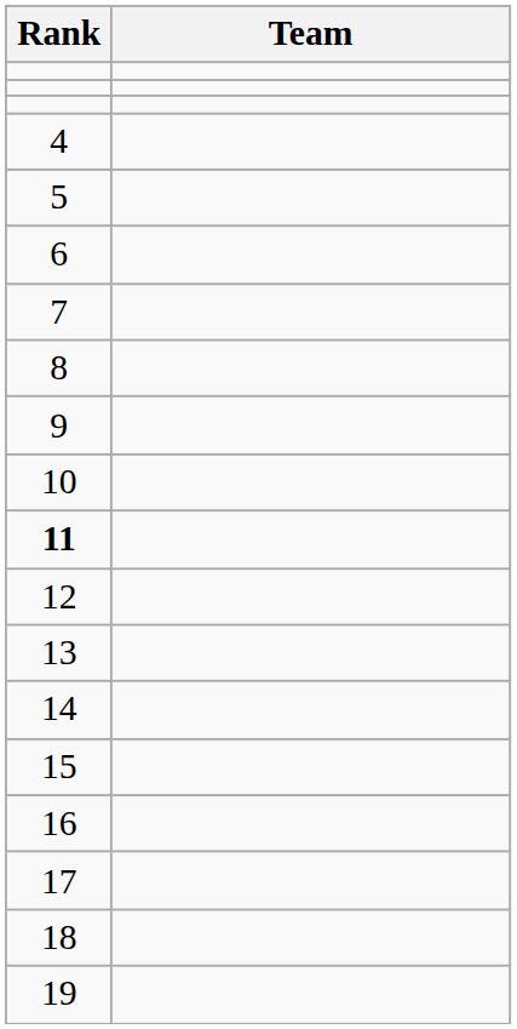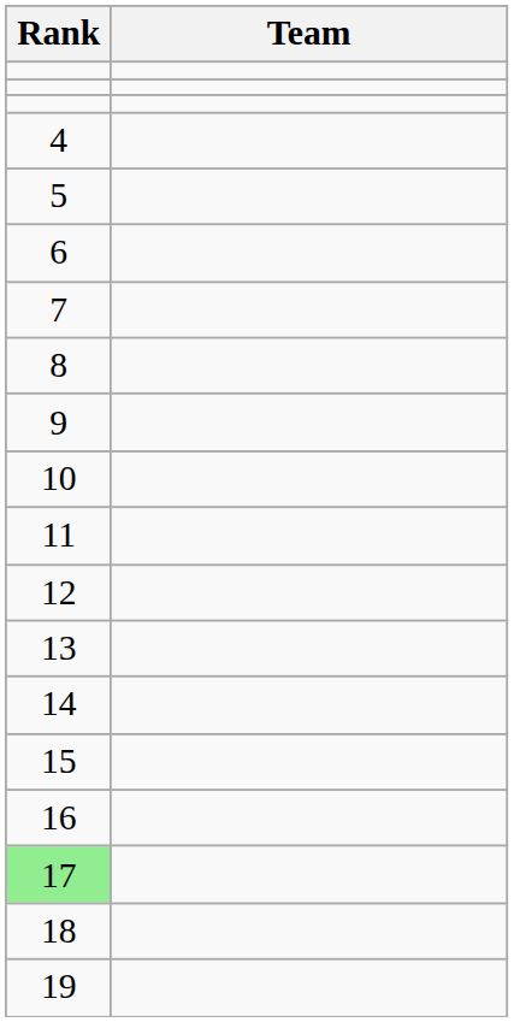 <table class="wikitable" style="text-align:center">
 <tr>
 <th width=40>Rank</th>
 <th width=170>Team</th>
 </tr>
 <tr>
 <td></td>
 <td style="text-align:left"></td>
 </tr>
 <tr>
 <td></td>
 <td style="text-align:left"></td>
 </tr>
 <tr>
 <td></td>
 <td style="text-align:left"></td>
 </tr>
 <tr>
 <td>4</td>
 <td style="text-align:left"></td>
 </tr>
 <tr>
 <td>5</td>
 <td style="text-align:left"></td>
 </tr>
 <tr>
 <td>6</td>
 <td style="text-align:left"></td>
 </tr>
 <tr>
 <td>7</td>
 <td style="text-align:left"></td>
 </tr>
 <tr>
 <td>8</td>
 <td style="text-align:left"></td>
 </tr>
 <tr>
 <td>9</td>
 <td style="text-align:left"></td>
 </tr>
 <tr>
 <td>10</td>
 <td style="text-align:left"></td>
 </tr>
 <tr>
-<td><strong>11</strong></td>
+<td>11</td>
 <td style="text-align:left"></td>
 </tr>
 <tr>
 <td>12</td>
 <td style="text-align:left"></td>
 </tr>
 <tr>
 <td>13</td>
 <td style="text-align:left"></td>
 </tr>
 <tr>
 <td>14</td>
 <td style="text-align:left"></td>
 </tr>
 <tr>
 <td>15</td>
 <td style="text-align:left"></td>
 </tr>
 <tr>
 <td>16</td>
 <td style="text-align:left"></td>
 </tr>
 <tr>
-<td>17</td>
+<td style="background: lightgreen;">17</td>
 <td style="text-align:left"></td>
 </tr>
 <tr>
 <td>18</td>
 <td style="text-align:left"></td>
 </tr>
 <tr>
 <td>19</td>
 <td style="text-align:left"></td>
 </tr>
 </table>
